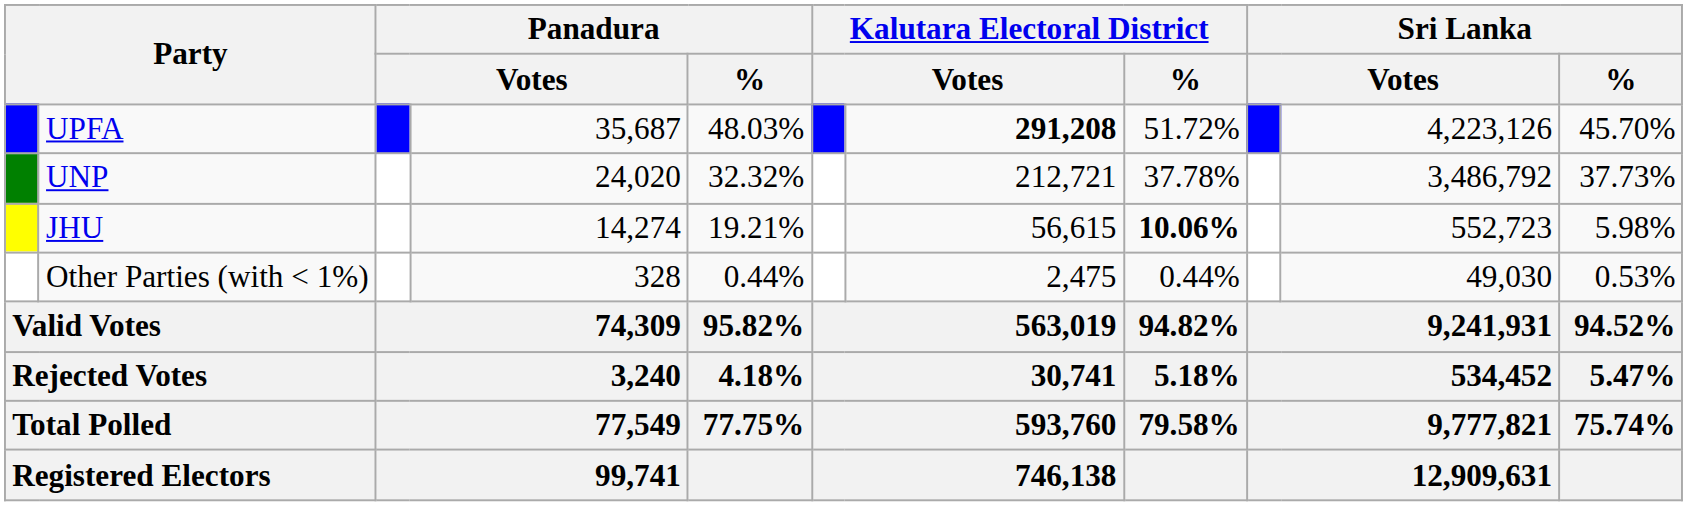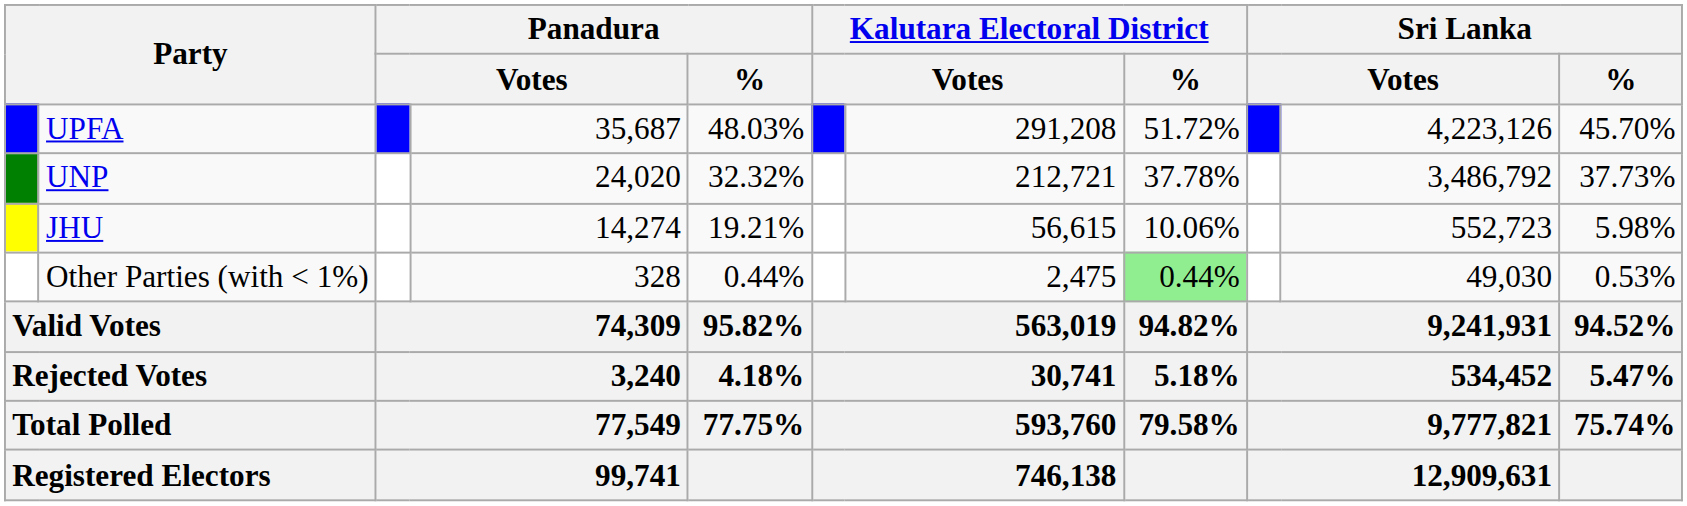 <table class="wikitable">
 <tr>
 <th colspan="2" width="144px"rowspan="2">Party</th>
 <th colspan="3" width="216px">Panadura</th>
 <th colspan="3" width="216px"><a href='#'>Kalutara Electoral District</a></th>
 <th colspan="3" width="216px">Sri Lanka</th>
 </tr>
 <tr>
 <th colspan="2" width="144px">Votes</th>
 <th>%</th>
 <th colspan="2" width="144px">Votes</th>
 <th>%</th>
 <th colspan="2" width="144px">Votes</th>
 <th>%</th>
 </tr>
 <tr>
 <td style="background-color:blue;" width="10px"></td>
 <td style="text-align:left;"><a href='#'>UPFA</a></td>
 <td style="background-color:blue;" width="10px"></td>
 <td style="text-align:right;">35,687</td>
 <td style="text-align:right;">48.03%</td>
 <td style="background-color:blue;" width="10px"></td>
-<td style="text-align:right;"><strong>291,208</strong></td>
+<td style="text-align:right;">291,208</td>
 <td style="text-align:right;">51.72%</td>
 <td style="background-color:blue;" width="10px"></td>
 <td style="text-align:right;">4,223,126</td>
 <td style="text-align:right;">45.70%</td>
 </tr>
 <tr>
 <td style="background-color:green;" width="10px"></td>
 <td style="text-align:left;"><a href='#'>UNP</a></td>
 <td style="background-color:white;" width="10px"></td>
 <td style="text-align:right;">24,020</td>
 <td style="text-align:right;">32.32%</td>
 <td style="background-color:white;" width="10px"></td>
 <td style="text-align:right;">212,721</td>
 <td style="text-align:right;">37.78%</td>
 <td style="background-color:white;" width="10px"></td>
 <td style="text-align:right;">3,486,792</td>
 <td style="text-align:right;">37.73%</td>
 </tr>
 <tr>
 <td style="background-color:yellow;" width="10px"></td>
 <td style="text-align:left;"><a href='#'>JHU</a></td>
 <td style="background-color:white;" width="10px"></td>
 <td style="text-align:right;">14,274</td>
 <td style="text-align:right;">19.21%</td>
 <td style="background-color:white;" width="10px"></td>
 <td style="text-align:right;">56,615</td>
-<td style="text-align:right;"><strong>10.06%</strong></td>
+<td style="text-align:right;">10.06%</td>
 <td style="background-color:white;" width="10px"></td>
 <td style="text-align:right;">552,723</td>
 <td style="text-align:right;">5.98%</td>
 </tr>
 <tr>
 <td style="background-color:white;" width="10px"></td>
 <td style="text-align:left;">Other Parties (with < 1%)</td>
 <td style="background-color:white;" width="10px"></td>
 <td style="text-align:right;">328</td>
 <td style="text-align:right;">0.44%</td>
 <td style="background-color:white;" width="10px"></td>
 <td style="text-align:right;">2,475</td>
-<td style="text-align:right;">0.44%</td>
+<td style="background: lightgreen; text-align:right;">0.44%</td>
 <td style="background-color:white;" width="10px"></td>
 <td style="text-align:right;">49,030</td>
 <td style="text-align:right;">0.53%</td>
 </tr>
 <tr>
 <th colspan="2" width="144px"style="text-align:left;">Valid Votes</th>
 <th style="text-align:right;"colspan="2" width="144px">74,309</th>
 <th style="text-align:right;">95.82%</th>
 <th style="text-align:right;"colspan="2" width="144px">563,019</th>
 <th style="text-align:right;">94.82%</th>
 <th style="text-align:right;"colspan="2" width="144px">9,241,931</th>
 <th style="text-align:right;">94.52%</th>
 </tr>
 <tr>
 <th colspan="2" width="144px"style="text-align:left;">Rejected Votes</th>
 <th style="text-align:right;"colspan="2" width="144px">3,240</th>
 <th style="text-align:right;">4.18%</th>
 <th style="text-align:right;"colspan="2" width="144px">30,741</th>
 <th style="text-align:right;">5.18%</th>
 <th style="text-align:right;"colspan="2" width="144px">534,452</th>
 <th style="text-align:right;">5.47%</th>
 </tr>
 <tr>
 <th colspan="2" width="144px"style="text-align:left;">Total Polled</th>
 <th style="text-align:right;"colspan="2" width="144px">77,549</th>
 <th style="text-align:right;">77.75%</th>
 <th style="text-align:right;"colspan="2" width="144px">593,760</th>
 <th style="text-align:right;">79.58%</th>
 <th style="text-align:right;"colspan="2" width="144px">9,777,821</th>
 <th style="text-align:right;">75.74%</th>
 </tr>
 <tr>
 <th colspan="2" width="144px"style="text-align:left;">Registered Electors</th>
 <th style="text-align:right;"colspan="2" width="144px">99,741</th>
 <th></th>
 <th style="text-align:right;"colspan="2" width="144px">746,138</th>
 <th></th>
 <th style="text-align:right;"colspan="2" width="144px">12,909,631</th>
 <th></th>
 </tr>
 </table>
